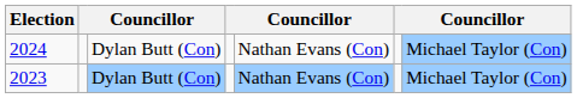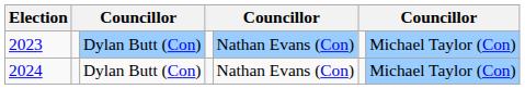 <table class="wikitable">
 <tr>
 <th>Election</th>
 <th colspan="2">Councillor</th>
 <th colspan="2">Councillor</th>
 <th colspan="2">Councillor</th>
+</tr>
+<tr>
+<td><a href='#'>2023</a></td>
+<td style="background-color: "></td>
+<td bgcolor="#99CCFF">Dylan Butt  (<a href='#'>Con</a>)</td>
+<td style="background-color: "></td>
+<td bgcolor="#99CCFF">Nathan Evans (<a href='#'>Con</a>)</td>
+<td style="background-color: "></td>
+<td bgcolor="#99CCFF">Michael Taylor (<a href='#'>Con</a>)</td>
 </tr>
 <tr>
 <td><a href='#'>2024</a></td>
 <td style="background-color: "></td>
 <td bgcolor=>Dylan Butt  (<a href='#'>Con</a>)</td>
 <td style="background-color: "></td>
 <td bgcolor=>Nathan Evans (<a href='#'>Con</a>)</td>
 <td style="background-color: "></td>
 <td bgcolor="#99CCFF">Michael Taylor (<a href='#'>Con</a>)</td>
 </tr>
-<tr>
-<td><a href='#'>2023</a></td>
-<td style="background-color: "></td>
-<td bgcolor="#99CCFF">Dylan Butt  (<a href='#'>Con</a>)</td>
-<td style="background-color: "></td>
-<td bgcolor="#99CCFF">Nathan Evans (<a href='#'>Con</a>)</td>
-<td style="background-color: "></td>
-<td bgcolor="#99CCFF">Michael Taylor (<a href='#'>Con</a>)</td>
-</tr>
 </table>
